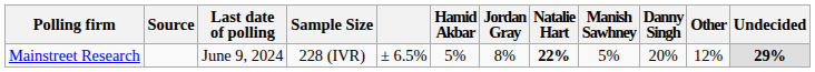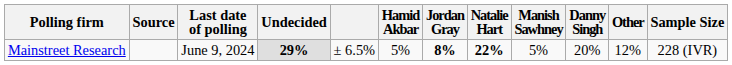 <table class="wikitable sortable tpl-blanktable" style="text-align:center; line-height:14px; font-size:90%;">
 <tr>
 <th>Polling firm</th>
 <th class="unsortable">Source</th>
 <th>Last date<br>of polling</th>
-<th class="unsortable">Sample Size</th>
+<th style="width:25px;">Undecided</th>
 <th></th>
 <th style="width:25px;letter-spacing:-1px;">Hamid Akbar</th>
 <th style="width:25px;letter-spacing:-1px;">Jordan Gray</th>
 <th style="width:25px;letter-spacing:-1px;">Natalie Hart</th>
 <th style="width:25px;letter-spacing:-1px;">Manish Sawhney</th>
 <th style="width:25px;letter-spacing:-1px;">Danny Singh</th>
 <th style="width:25px;letter-spacing:-1px;">Other</th>
-<th style="width:25px;">Undecided</th>
+<th class="unsortable">Sample Size</th>
 </tr>
 <tr>
 <td><a href='#'>Mainstreet Research</a></td>
 <td></td>
 <td>June 9, 2024</td>
-<td>228 (IVR)</td>
+<td style="background-color:#dfdfdf;"><strong>29%</strong></td>
 <td>± 6.5%</td>
 <td>5%</td>
-<td>8%</td>
+<td><strong>8%</strong></td>
 <td><strong>22%</strong></td>
 <td>5%</td>
 <td>20%</td>
 <td>12%</td>
-<td style="background-color:#dfdfdf;"><strong>29%</strong></td>
+<td>228 (IVR)</td>
 </tr>
 </table>
